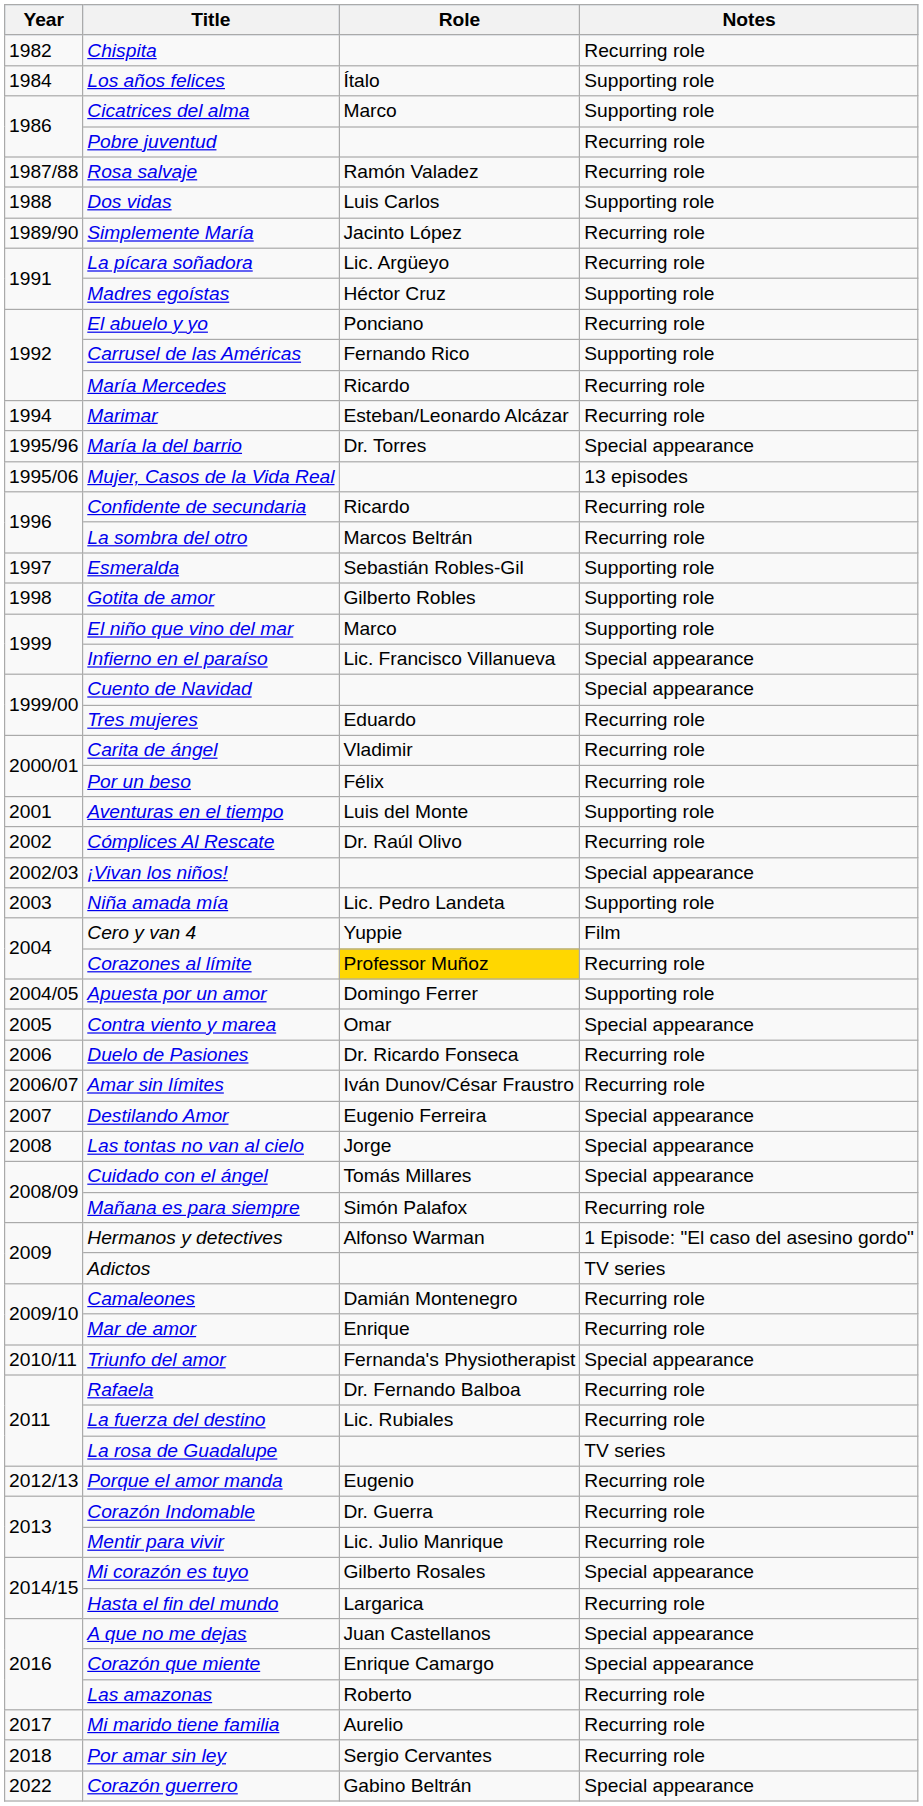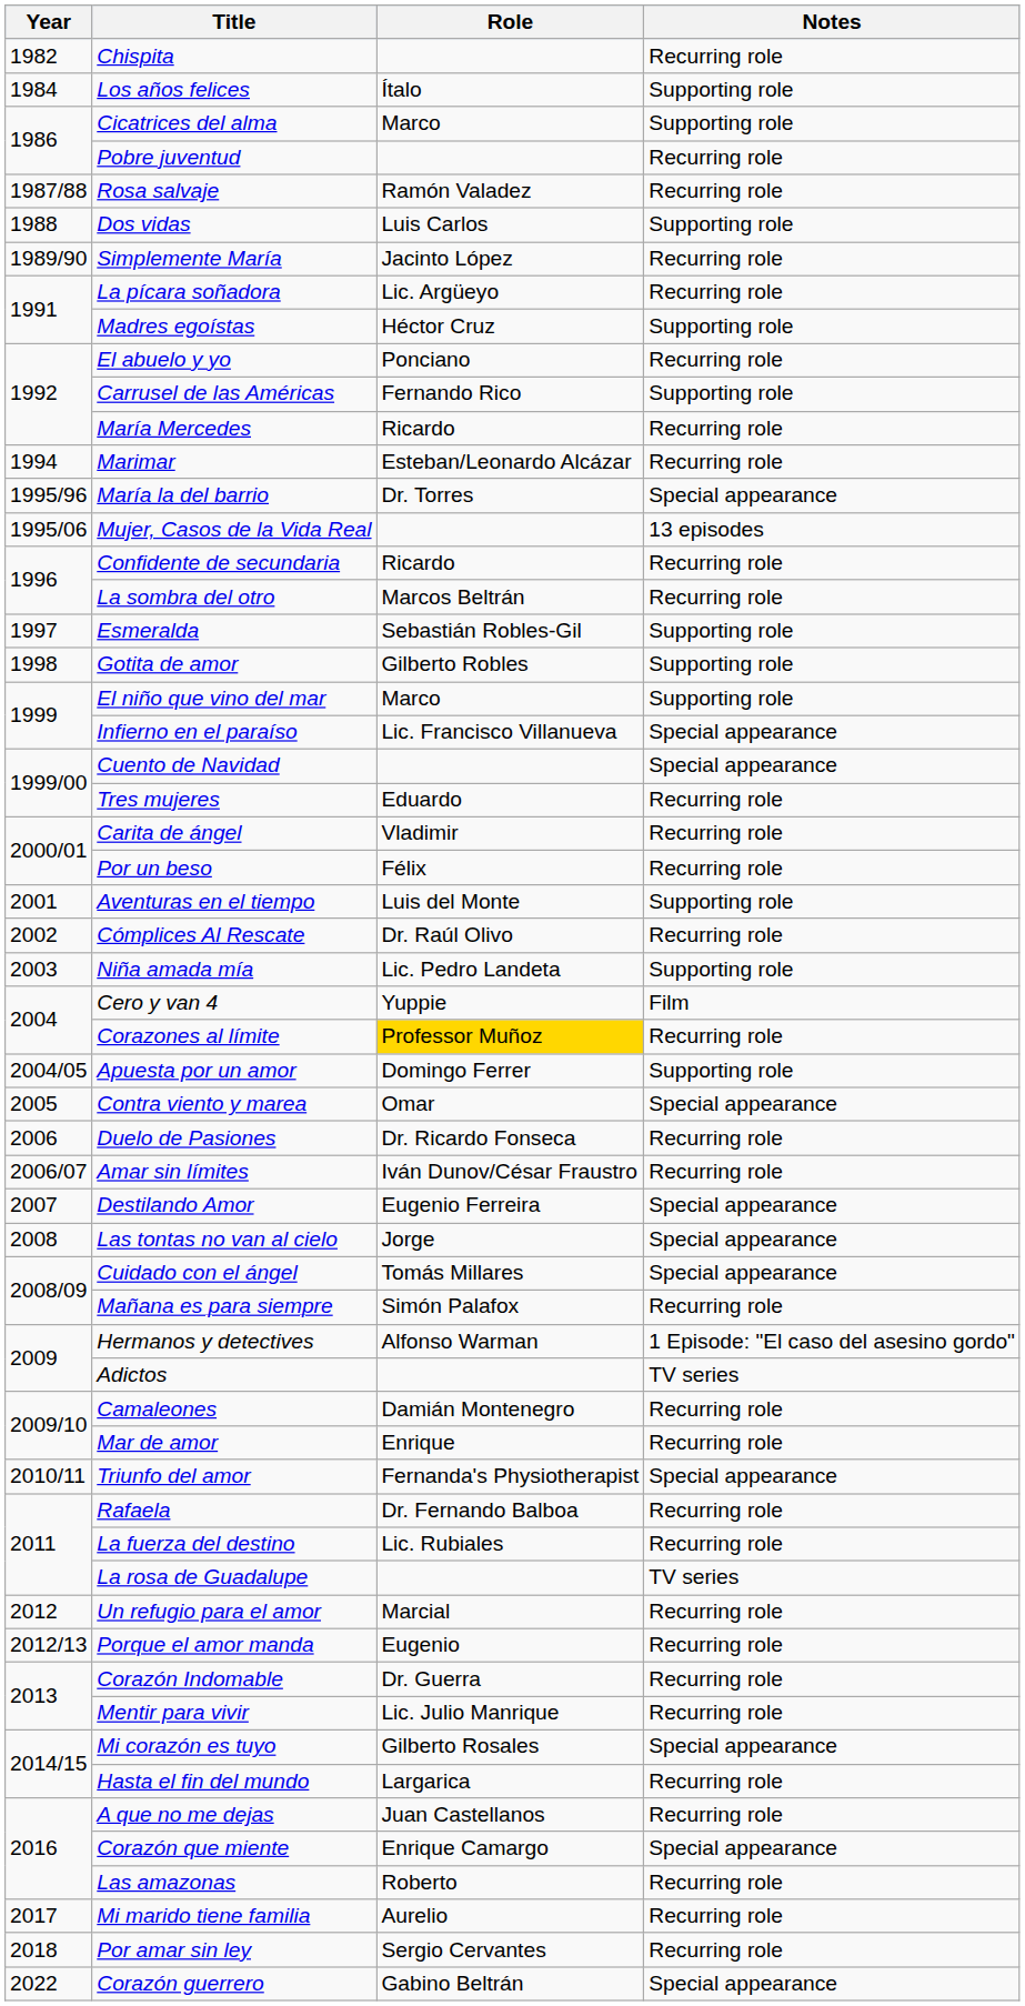 <table class="wikitable">
 <tr style="background:#b0c4de;">
 <th>Year</th>
 <th>Title</th>
 <th>Role</th>
 <th>Notes</th>
 </tr>
 <tr>
 <td>1982</td>
 <td><em><a href='#'>Chispita</a></em></td>
 <td></td>
 <td>Recurring role</td>
 </tr>
 <tr>
 <td>1984</td>
 <td><em><a href='#'>Los años felices</a></em></td>
 <td>Ítalo</td>
 <td>Supporting role</td>
 </tr>
 <tr>
 <td rowspan=2>1986</td>
 <td><em><a href='#'>Cicatrices del alma</a></em></td>
 <td>Marco</td>
 <td>Supporting role</td>
 </tr>
 <tr>
 <td><em><a href='#'>Pobre juventud</a></em></td>
 <td></td>
 <td>Recurring role</td>
 </tr>
 <tr>
 <td>1987/88</td>
 <td><em><a href='#'>Rosa salvaje</a></em></td>
 <td>Ramón Valadez</td>
 <td>Recurring role</td>
 </tr>
 <tr>
 <td>1988</td>
 <td><em><a href='#'>Dos vidas</a></em></td>
 <td>Luis Carlos</td>
 <td>Supporting role</td>
 </tr>
 <tr>
 <td>1989/90</td>
 <td><em><a href='#'>Simplemente María</a></em></td>
 <td>Jacinto López</td>
 <td>Recurring role</td>
 </tr>
 <tr>
 <td rowspan=2>1991</td>
 <td><em><a href='#'>La pícara soñadora</a></em></td>
 <td>Lic. Argüeyo</td>
 <td>Recurring role</td>
 </tr>
 <tr>
 <td><em><a href='#'>Madres egoístas</a></em></td>
 <td>Héctor Cruz</td>
 <td>Supporting role</td>
 </tr>
 <tr>
 <td rowspan=3>1992</td>
 <td><em><a href='#'>El abuelo y yo</a></em></td>
 <td>Ponciano</td>
 <td>Recurring role</td>
 </tr>
 <tr>
 <td><em><a href='#'>Carrusel de las Américas</a></em></td>
 <td>Fernando Rico</td>
 <td>Supporting role</td>
 </tr>
 <tr>
 <td><em><a href='#'>María Mercedes</a></em></td>
 <td>Ricardo</td>
 <td>Recurring role</td>
 </tr>
 <tr>
 <td>1994</td>
 <td><em><a href='#'>Marimar</a></em></td>
 <td>Esteban/Leonardo Alcázar</td>
 <td>Recurring role</td>
 </tr>
 <tr>
 <td>1995/96</td>
 <td><em><a href='#'>María la del barrio</a></em></td>
 <td>Dr. Torres</td>
 <td>Special appearance</td>
 </tr>
 <tr>
 <td>1995/06</td>
 <td><em><a href='#'>Mujer, Casos de la Vida Real</a></em></td>
 <td></td>
 <td>13 episodes</td>
 </tr>
 <tr>
 <td rowspan=2>1996</td>
 <td><em><a href='#'>Confidente de secundaria</a></em></td>
 <td>Ricardo</td>
 <td>Recurring role</td>
 </tr>
 <tr>
 <td><em><a href='#'>La sombra del otro</a></em></td>
 <td>Marcos Beltrán</td>
 <td>Recurring role</td>
 </tr>
 <tr>
 <td>1997</td>
 <td><em><a href='#'>Esmeralda</a></em></td>
 <td>Sebastián Robles-Gil</td>
 <td>Supporting role</td>
 </tr>
 <tr>
 <td>1998</td>
 <td><em><a href='#'>Gotita de amor</a></em></td>
 <td>Gilberto Robles</td>
 <td>Supporting role</td>
 </tr>
 <tr>
 <td rowspan=2>1999</td>
 <td><em><a href='#'>El niño que vino del mar</a></em></td>
 <td>Marco</td>
 <td>Supporting role</td>
 </tr>
 <tr>
 <td><em><a href='#'>Infierno en el paraíso</a></em></td>
 <td>Lic. Francisco Villanueva</td>
 <td>Special appearance</td>
 </tr>
 <tr>
 <td rowspan=2>1999/00</td>
 <td><em><a href='#'>Cuento de Navidad</a></em></td>
 <td></td>
 <td>Special appearance</td>
 </tr>
 <tr>
 <td><em><a href='#'>Tres mujeres</a></em></td>
 <td>Eduardo</td>
 <td>Recurring role</td>
 </tr>
 <tr>
 <td rowspan=2>2000/01</td>
 <td><em><a href='#'>Carita de ángel</a></em></td>
 <td>Vladimir</td>
 <td>Recurring role</td>
 </tr>
 <tr>
 <td><em><a href='#'>Por un beso</a></em></td>
 <td>Félix</td>
 <td>Recurring role</td>
 </tr>
 <tr>
 <td>2001</td>
 <td><em><a href='#'>Aventuras en el tiempo</a></em></td>
 <td>Luis del Monte</td>
 <td>Supporting role</td>
 </tr>
 <tr>
 <td>2002</td>
 <td><em><a href='#'>Cómplices Al Rescate</a></em></td>
 <td>Dr. Raúl Olivo</td>
 <td>Recurring role</td>
 </tr>
 <tr>
-<td>2002/03</td>
-<td><em><a href='#'>¡Vivan los niños!</a></em></td>
-<td></td>
-<td>Special appearance</td>
-</tr>
-<tr>
 <td>2003</td>
 <td><em><a href='#'>Niña amada mía</a></em></td>
 <td>Lic. Pedro Landeta</td>
 <td>Supporting role</td>
 </tr>
 <tr>
 <td rowspan=2>2004</td>
 <td><em>Cero y van 4</em></td>
 <td>Yuppie</td>
 <td>Film</td>
 </tr>
 <tr>
 <td><em><a href='#'>Corazones al límite</a></em></td>
 <td style="background: gold;">Professor Muñoz</td>
 <td>Recurring role</td>
 </tr>
 <tr>
 <td>2004/05</td>
 <td><em><a href='#'>Apuesta por un amor</a></em></td>
 <td>Domingo Ferrer</td>
 <td>Supporting role</td>
 </tr>
 <tr>
 <td>2005</td>
 <td><em><a href='#'>Contra viento y marea</a></em></td>
 <td>Omar</td>
 <td>Special appearance</td>
 </tr>
 <tr>
 <td>2006</td>
 <td><em><a href='#'>Duelo de Pasiones</a></em></td>
 <td>Dr. Ricardo Fonseca</td>
 <td>Recurring role</td>
 </tr>
 <tr>
 <td>2006/07</td>
 <td><em><a href='#'>Amar sin límites</a></em></td>
 <td>Iván Dunov/César Fraustro</td>
 <td>Recurring role</td>
 </tr>
 <tr>
 <td>2007</td>
 <td><em><a href='#'>Destilando Amor</a></em></td>
 <td>Eugenio Ferreira</td>
 <td>Special appearance</td>
 </tr>
 <tr>
 <td>2008</td>
 <td><em><a href='#'>Las tontas no van al cielo</a></em></td>
 <td>Jorge</td>
 <td>Special appearance</td>
 </tr>
 <tr>
 <td rowspan=2>2008/09</td>
 <td><em><a href='#'>Cuidado con el ángel</a></em></td>
 <td>Tomás Millares</td>
 <td>Special appearance</td>
 </tr>
 <tr>
 <td><em><a href='#'>Mañana es para siempre</a></em></td>
 <td>Simón Palafox</td>
 <td>Recurring role</td>
 </tr>
 <tr>
 <td rowspan=2>2009</td>
 <td><em>Hermanos y detectives</em></td>
 <td>Alfonso Warman</td>
 <td>1 Episode: "El caso del asesino gordo"</td>
 </tr>
 <tr>
 <td><em>Adictos</em></td>
 <td></td>
 <td>TV series</td>
 </tr>
 <tr>
 <td rowspan=2>2009/10</td>
 <td><em><a href='#'>Camaleones</a></em></td>
 <td>Damián Montenegro</td>
 <td>Recurring role</td>
 </tr>
 <tr>
 <td><em><a href='#'>Mar de amor</a></em></td>
 <td>Enrique</td>
 <td>Recurring role</td>
 </tr>
 <tr>
 <td>2010/11</td>
 <td><em><a href='#'>Triunfo del amor</a></em></td>
 <td>Fernanda's Physiotherapist</td>
 <td>Special appearance</td>
 </tr>
 <tr>
 <td rowspan=3>2011</td>
 <td><em><a href='#'>Rafaela</a></em></td>
 <td>Dr. Fernando Balboa</td>
 <td>Recurring role</td>
 </tr>
 <tr>
 <td><em><a href='#'>La fuerza del destino</a></em></td>
 <td>Lic. Rubiales</td>
 <td>Recurring role</td>
 </tr>
 <tr>
 <td><em><a href='#'>La rosa de Guadalupe</a></em></td>
 <td></td>
 <td>TV series</td>
 </tr>
 <tr>
+<td>2012</td>
+<td><em><a href='#'>Un refugio para el amor</a></em></td>
+<td>Marcial</td>
+<td>Recurring role</td>
+</tr>
+<tr>
 <td>2012/13</td>
 <td><em><a href='#'>Porque el amor manda</a></em></td>
 <td>Eugenio</td>
 <td>Recurring role</td>
 </tr>
 <tr>
 <td rowspan=2>2013</td>
 <td><em><a href='#'>Corazón Indomable</a></em></td>
 <td>Dr. Guerra</td>
 <td>Recurring role</td>
 </tr>
 <tr>
 <td><em><a href='#'>Mentir para vivir</a></em></td>
 <td>Lic. Julio Manrique</td>
 <td>Recurring role</td>
 </tr>
 <tr>
 <td rowspan=2>2014/15</td>
 <td><em><a href='#'>Mi corazón es tuyo</a></em></td>
 <td>Gilberto Rosales</td>
 <td>Special appearance</td>
 </tr>
 <tr>
 <td><em><a href='#'>Hasta el fin del mundo</a></em></td>
 <td>Largarica</td>
 <td>Recurring role</td>
 </tr>
 <tr>
 <td rowspan=3>2016</td>
 <td><em><a href='#'>A que no me dejas</a></em></td>
 <td>Juan Castellanos</td>
-<td>Special appearance</td>
+<td>Recurring role</td>
 </tr>
 <tr>
 <td><em><a href='#'>Corazón que miente</a></em></td>
 <td>Enrique Camargo</td>
 <td>Special appearance</td>
 </tr>
 <tr>
 <td><em><a href='#'>Las amazonas</a></em></td>
 <td>Roberto</td>
 <td>Recurring role</td>
 </tr>
 <tr>
 <td>2017</td>
 <td><em><a href='#'>Mi marido tiene familia</a></em></td>
 <td>Aurelio</td>
 <td>Recurring role</td>
 </tr>
 <tr>
 <td>2018</td>
 <td><em><a href='#'>Por amar sin ley</a></em></td>
 <td>Sergio Cervantes</td>
 <td>Recurring role</td>
 </tr>
 <tr>
 <td>2022</td>
 <td><em><a href='#'>Corazón guerrero</a></em></td>
 <td>Gabino Beltrán</td>
 <td>Special appearance</td>
 </tr>
 </table>
